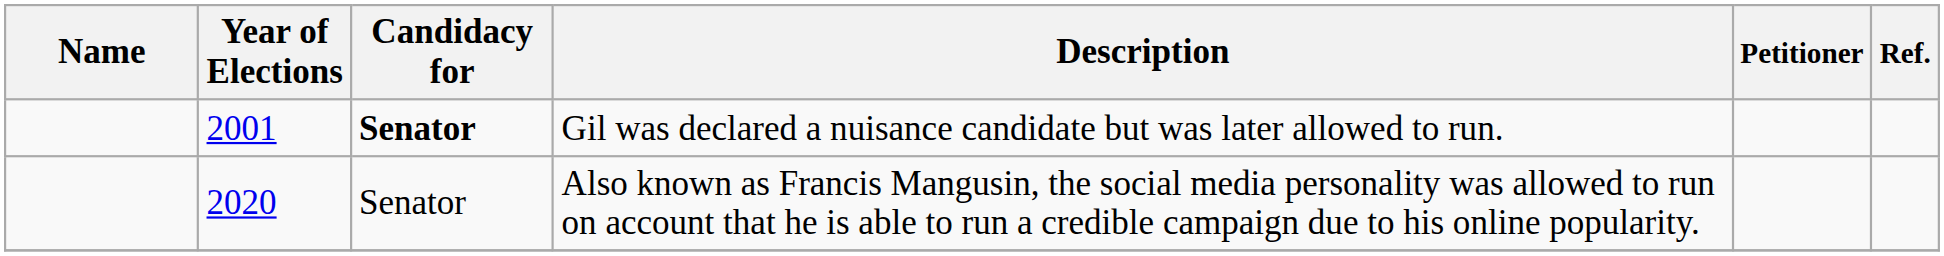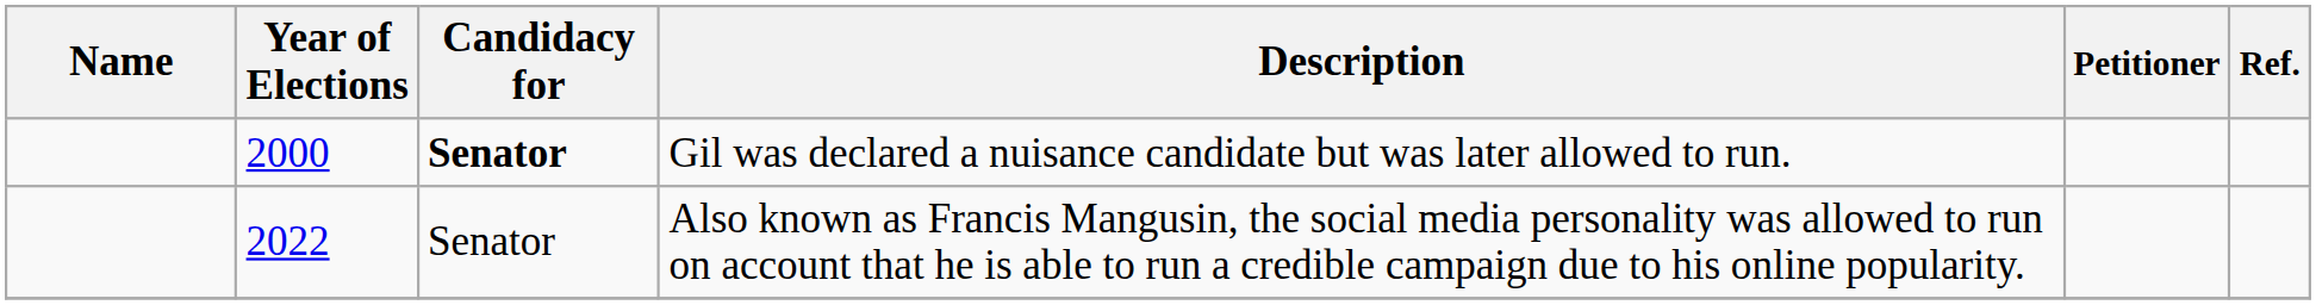 <table class="wikitable sortable" style="margin-right: 0;">
 <tr>
 <th width=10%>Name</th>
 <th>Year of<br> Elections</th>
 <th>Candidacy for</th>
 <th>Description</th>
 <th><small>Petitioner</small></th>
 <th width=3%><small>Ref.</small></th>
 </tr>
 <tr>
 <td></td>
-<td><a href='#'>2001</a></td>
+<td><a href='#'>2000</a></td>
 <td><strong>Senator</strong></td>
 <td>Gil was declared a nuisance candidate but was later allowed to run.</td>
 <td></td>
 <td></td>
 </tr>
 <tr>
 <td></td>
-<td><a href='#'>2020</a></td>
+<td><a href='#'>2022</a></td>
 <td>Senator</td>
 <td>Also known as Francis Mangusin, the social media personality was allowed to run on account that he is able to run a credible campaign due to his online popularity.</td>
 <td></td>
 <td></td>
 </tr>
 <tr>
 </tr>
 </table>
